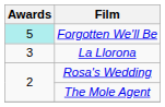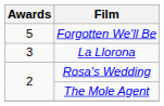 <table class="wikitable" style="text-align:center;">
 <tr>
 <th width="55">Awards</th>
 <th align="center">Film</th>
 </tr>
 <tr>
-<td style="background: paleturquoise; text-align:center">5</td>
+<td style="text-align:center">5</td>
 <td><em><a href='#'>Forgotten We'll Be</a></em></td>
 </tr>
 <tr>
 <td style="text-align:center">3</td>
 <td><em><a href='#'>La Llorona</a></em></td>
 </tr>
 <tr>
 <td rowspan="2" style="text-align:center">2</td>
 <td><em><a href='#'>Rosa's Wedding</a></em></td>
 </tr>
 <tr>
 <td><em><a href='#'>The Mole Agent</a></em></td>
 </tr>
 <tr>
 </tr>
 </table>
